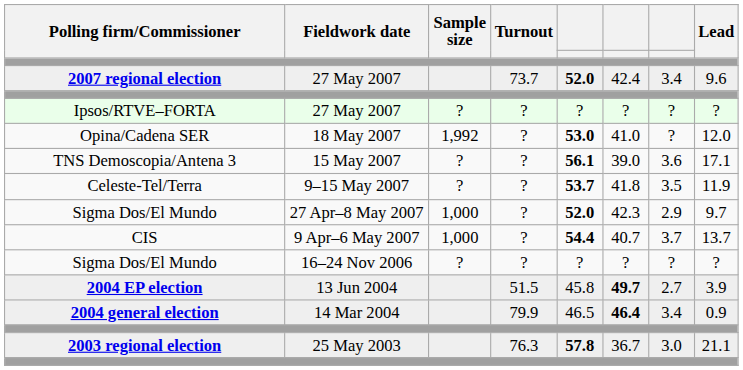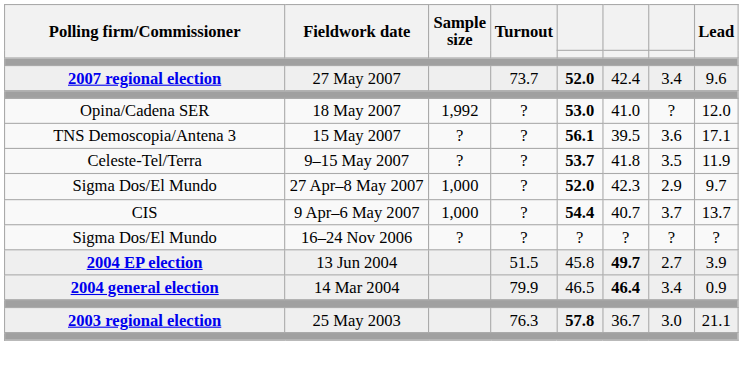 <table class="wikitable collapsible collapsed" style="text-align:center; font-size:95%; line-height:16px;">
 <tr style="height:42px;">
 <th style="width:250px;" rowspan="2">Polling firm/Commissioner</th>
 <th style="width:125px;" rowspan="2">Fieldwork date</th>
 <th style="width:50px;" rowspan="2">Sample size</th>
 <th style="width:45px;" rowspan="2">Turnout</th>
 <th style="width:35px;"></th>
 <th style="width:35px;"></th>
 <th style="width:35px;"></th>
 <th style="width:30px;" rowspan="2">Lead</th>
 </tr>
 <tr>
 <th style="color:inherit;background:"></th>
 <th style="color:inherit;background:"></th>
 <th style="color:inherit;background:"></th>
 </tr>
 <tr>
 <td colspan="8" style="background:#A0A0A0"></td>
 </tr>
 <tr style="background:#EFEFEF;">
 <td><strong><a href='#'>2007 regional election</a></strong></td>
 <td>27 May 2007</td>
 <td></td>
 <td>73.7</td>
 <td><strong>52.0</strong><br></td>
 <td>42.4<br></td>
 <td>3.4<br></td>
 <td style="background:">9.6</td>
 </tr>
 <tr>
 <td colspan="8" style="background:#A0A0A0"></td>
 </tr>
-<tr style="background:#EAFFEA;">
-<td>Ipsos/RTVE–FORTA</td>
-<td>27 May 2007</td>
-<td>?</td>
-<td>?</td>
-<td>?<br></td>
-<td>?<br></td>
-<td>?<br></td>
-<td style="background:">?</td>
-</tr>
 <tr>
 <td>Opina/Cadena SER</td>
 <td>18 May 2007</td>
 <td>1,992</td>
 <td>?</td>
 <td><strong>53.0</strong><br></td>
 <td>41.0<br></td>
 <td>?<br></td>
 <td style="background:">12.0</td>
 </tr>
 <tr>
 <td>TNS Demoscopia/Antena 3</td>
 <td>15 May 2007</td>
 <td>?</td>
 <td>?</td>
 <td><strong>56.1</strong><br></td>
-<td>39.0<br></td>
+<td>39.5<br></td>
 <td>3.6<br></td>
 <td style="background:">17.1</td>
 </tr>
 <tr>
 <td>Celeste-Tel/Terra</td>
 <td>9–15 May 2007</td>
 <td>?</td>
 <td>?</td>
 <td><strong>53.7</strong><br></td>
 <td>41.8<br></td>
 <td>3.5<br></td>
 <td style="background:">11.9</td>
 </tr>
 <tr>
 <td>Sigma Dos/El Mundo</td>
 <td>27 Apr–8 May 2007</td>
 <td>1,000</td>
 <td>?</td>
 <td><strong>52.0</strong><br></td>
 <td>42.3<br></td>
 <td>2.9<br></td>
 <td style="background:">9.7</td>
 </tr>
 <tr>
 <td>CIS</td>
 <td>9 Apr–6 May 2007</td>
 <td>1,000</td>
 <td>?</td>
 <td><strong>54.4</strong><br></td>
 <td>40.7<br></td>
 <td>3.7<br></td>
 <td style="background:">13.7</td>
 </tr>
 <tr>
 <td>Sigma Dos/El Mundo</td>
 <td>16–24 Nov 2006</td>
 <td>?</td>
 <td>?</td>
 <td>?<br></td>
 <td>?<br></td>
 <td>?<br></td>
 <td style="background:">?</td>
 </tr>
 <tr style="background:#EFEFEF;">
 <td><strong><a href='#'>2004 EP election</a></strong></td>
 <td>13 Jun 2004</td>
 <td></td>
 <td>51.5</td>
 <td>45.8<br></td>
 <td><strong>49.7</strong><br></td>
 <td>2.7<br></td>
 <td style="background:">3.9</td>
 </tr>
 <tr style="background:#EFEFEF;">
 <td><strong><a href='#'>2004 general election</a></strong></td>
 <td>14 Mar 2004</td>
 <td></td>
 <td>79.9</td>
 <td>46.5<br></td>
 <td><strong>46.4</strong><br></td>
 <td>3.4<br></td>
 <td style="background:">0.9</td>
 </tr>
 <tr>
 <td colspan="8" style="background:#A0A0A0"></td>
 </tr>
 <tr style="background:#EFEFEF;">
 <td><strong><a href='#'>2003 regional election</a></strong></td>
 <td>25 May 2003</td>
 <td></td>
 <td>76.3</td>
 <td><strong>57.8</strong><br></td>
 <td>36.7<br></td>
 <td>3.0<br></td>
 <td style="background:">21.1</td>
 </tr>
 <tr>
 <td colspan="8" style="background:#A0A0A0"></td>
 </tr>
 </table>
